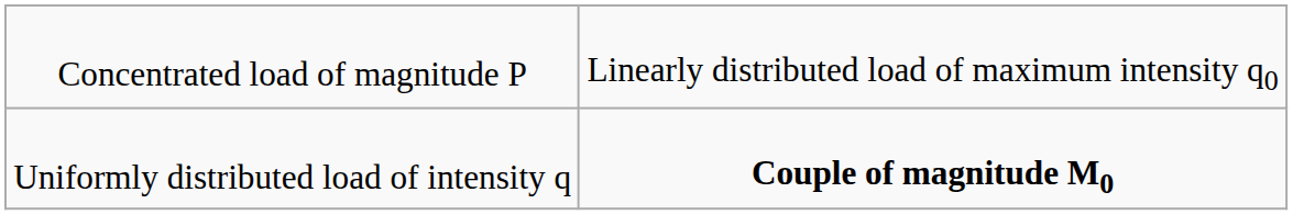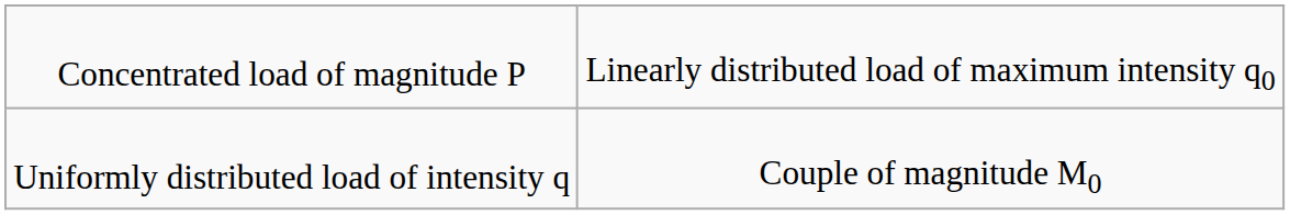 <table class="wikitable" style="background-color:rose;text-align:center;">
 <tr>
 <td><br>Concentrated load of magnitude P</td>
 <td><br>Linearly distributed load of maximum intensity q<sub>0</sub></td>
 </tr>
 <tr>
 <td><br>Uniformly distributed load of intensity q</td>
-<td><strong><br>Couple of magnitude M<sub>0</sub></strong></td>
+<td><br>Couple of magnitude M<sub>0</sub></td>
 </tr>
 </table>
